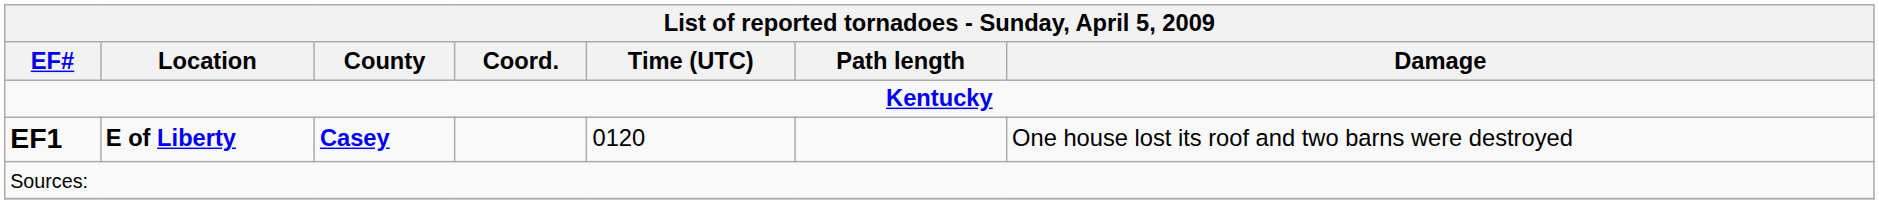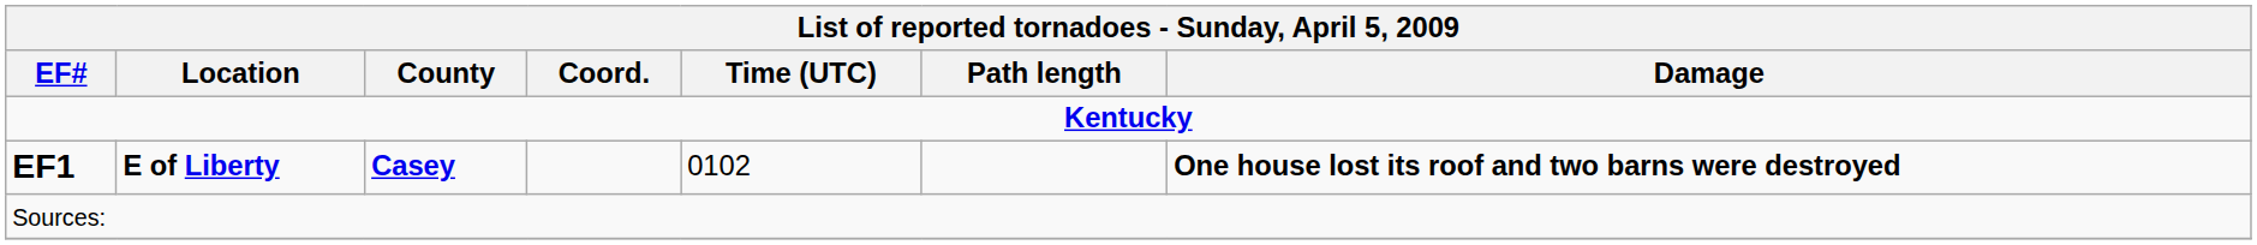 <table class="wikitable collapsible" width="100%">
 <tr>
 <th colspan="7">List of reported tornadoes - Sunday, April 5, 2009</th>
 </tr>
 <tr>
 <th><a href='#'>EF#</a></th>
 <th>Location</th>
 <th>County</th>
 <th>Coord.</th>
 <th>Time (UTC)</th>
 <th>Path length</th>
 <th>Damage</th>
 </tr>
 <tr>
 <td colspan="7" align=center><strong><a href='#'>Kentucky</a></strong></td>
 </tr>
 <tr>
 <td><big><strong>EF1</strong></big></td>
 <td><strong>E of <a href='#'>Liberty</a></strong></td>
 <td><strong><a href='#'>Casey</a></strong></td>
 <td></td>
-<td>0120</td>
+<td>0102</td>
 <td></td>
-<td>One house lost its roof and two barns were destroyed</td>
+<td><strong>One house lost its roof and two barns were destroyed</strong></td>
 </tr>
 <tr>
 <td colspan="7"><small>Sources: </small></td>
 </tr>
 <tr>
 </tr>
 </table>
